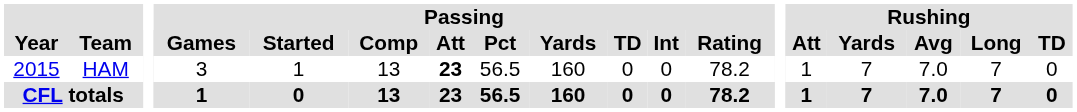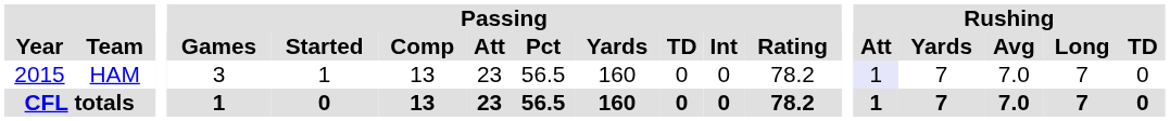 <table BORDER="0" CELLPADDING="1" CELLSPACING="0" width="65%" style="text-align:center">
 <tr bgcolor="#e0e0e0">
 <th colspan="2"></th>
 <th rowspan="99" bgcolor="#ffffff"> </th>
 <th colspan="9">Passing</th>
 <th rowspan="99" bgcolor="#ffffff"> </th>
 <th colspan="6">Rushing</th>
 </tr>
 <tr bgcolor="#e0e0e0">
 <th>Year</th>
 <th>Team</th>
 <th>Games</th>
 <th>Started</th>
 <th>Comp</th>
 <th>Att</th>
 <th>Pct</th>
 <th>Yards</th>
 <th>TD</th>
 <th>Int</th>
 <th>Rating</th>
 <th>Att</th>
 <th>Yards</th>
 <th>Avg</th>
 <th>Long</th>
 <th>TD</th>
 </tr>
 <tr ALIGN="center">
 <td><a href='#'>2015</a></td>
 <td><a href='#'>HAM</a></td>
 <td>3</td>
 <td>1</td>
 <td>13</td>
-<td><strong>23</strong></td>
+<td>23</td>
 <td>56.5</td>
 <td>160</td>
 <td>0</td>
 <td>0</td>
 <td>78.2</td>
-<td>1</td>
+<td style="background: lavender;">1</td>
 <td>7</td>
 <td>7.0</td>
 <td>7</td>
 <td>0</td>
 </tr>
 <tr bgcolor="#e0e0e0">
 <th colspan="2"><a href='#'>CFL</a> totals</th>
 <th>1</th>
 <th>0</th>
 <th>13</th>
 <th>23</th>
 <th>56.5</th>
 <th>160</th>
 <th>0</th>
 <th>0</th>
 <th>78.2</th>
 <th>1</th>
 <th>7</th>
 <th>7.0</th>
 <th>7</th>
 <th>0</th>
 </tr>
 </table>
